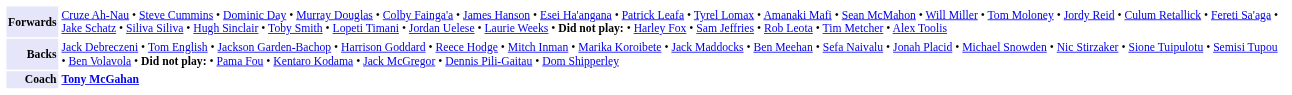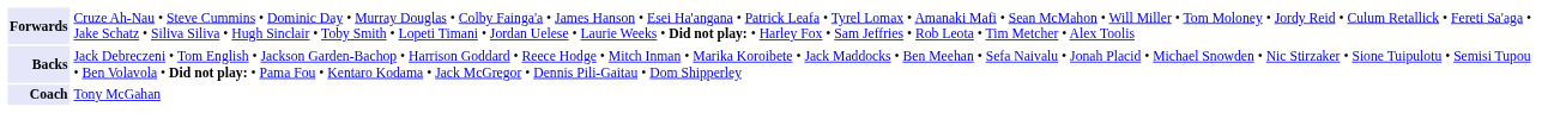 <table cellpadding="2" style="border: 1px solid white; font-size:90%;">
 <tr>
 <td style="text-align:right;" bgcolor="lavender"><strong>Forwards</strong></td>
 <td style="text-align:left;"><a href='#'>Cruze Ah-Nau</a> • <a href='#'>Steve Cummins</a> • <a href='#'>Dominic Day</a> • <a href='#'>Murray Douglas</a> • <a href='#'>Colby Fainga'a</a> • <a href='#'>James Hanson</a> • <a href='#'>Esei Ha'angana</a> • <a href='#'>Patrick Leafa</a> • <a href='#'>Tyrel Lomax</a> • <a href='#'>Amanaki Mafi</a> • <a href='#'>Sean McMahon</a> • <a href='#'>Will Miller</a> • <a href='#'>Tom Moloney</a> • <a href='#'>Jordy Reid</a> • <a href='#'>Culum Retallick</a> • <a href='#'>Fereti Sa'aga</a> • <a href='#'>Jake Schatz</a> • <a href='#'>Siliva Siliva</a> • <a href='#'>Hugh Sinclair</a> • <a href='#'>Toby Smith</a> • <a href='#'>Lopeti Timani</a> • <a href='#'>Jordan Uelese</a> • <a href='#'>Laurie Weeks</a> • <strong>Did not play:</strong> • <a href='#'>Harley Fox</a> • <a href='#'>Sam Jeffries</a> • <a href='#'>Rob Leota</a> • <a href='#'>Tim Metcher</a> • <a href='#'>Alex Toolis</a></td>
 </tr>
 <tr>
 <td style="text-align:right;" bgcolor="lavender"><strong>Backs</strong></td>
 <td style="text-align:left;"><a href='#'>Jack Debreczeni</a> • <a href='#'>Tom English</a> • <a href='#'>Jackson Garden-Bachop</a> • <a href='#'>Harrison Goddard</a> • <a href='#'>Reece Hodge</a> • <a href='#'>Mitch Inman</a> • <a href='#'>Marika Koroibete</a> • <a href='#'>Jack Maddocks</a> • <a href='#'>Ben Meehan</a> • <a href='#'>Sefa Naivalu</a> • <a href='#'>Jonah Placid</a> • <a href='#'>Michael Snowden</a> • <a href='#'>Nic Stirzaker</a> • <a href='#'>Sione Tuipulotu</a> • <a href='#'>Semisi Tupou</a> • <a href='#'>Ben Volavola</a> • <strong>Did not play:</strong> • <a href='#'>Pama Fou</a> • <a href='#'>Kentaro Kodama</a> • <a href='#'>Jack McGregor</a> • <a href='#'>Dennis Pili-Gaitau</a> • <a href='#'>Dom Shipperley</a></td>
 </tr>
 <tr>
 <td style="text-align:right;" bgcolor="lavender"><strong>Coach</strong></td>
-<td style="text-align:left;"><strong><a href='#'>Tony McGahan</a></strong></td>
+<td style="text-align:left;"><a href='#'>Tony McGahan</a></td>
 </tr>
 </table>
